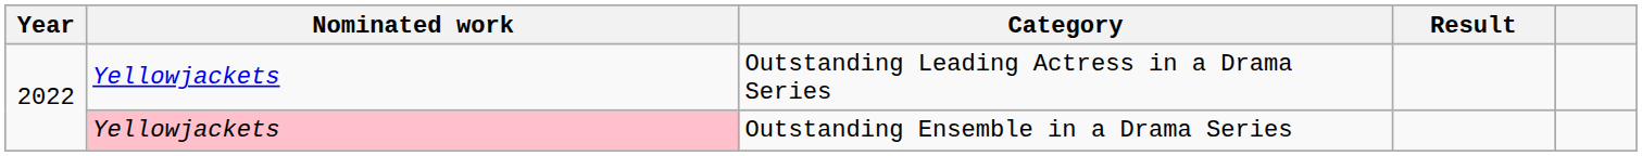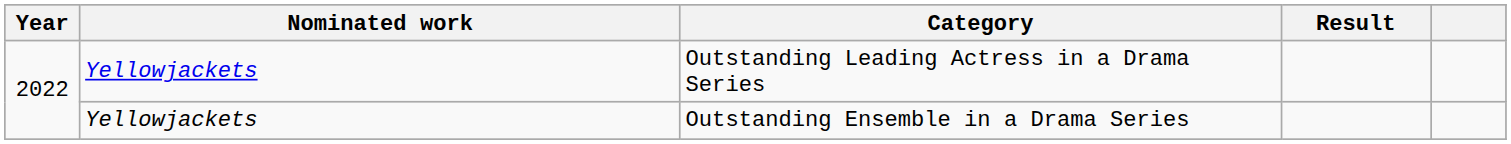 <table class="wikitable" style="width:100%;">
 <tr>
 <th style="width:5%;">Year</th>
 <th style="width:40%;">Nominated work</th>
 <th style="width:40%;">Category</th>
 <th style="width:10%;">Result</th>
 <th style="width:5%;"></th>
 </tr>
 <tr>
 <td rowspan="2" style="text-align:center;">2022</td>
 <td><em><a href='#'>Yellowjackets</a></em></td>
 <td>Outstanding Leading Actress in a Drama Series</td>
 <td></td>
 <td style="text-align:center;"></td>
 </tr>
 <tr>
-<td style="background: pink;"><em>Yellowjackets</em></td>
+<td><em>Yellowjackets</em></td>
 <td>Outstanding Ensemble in a Drama Series </td>
 <td></td>
 <td style="text-align:center;"></td>
 </tr>
 </table>
